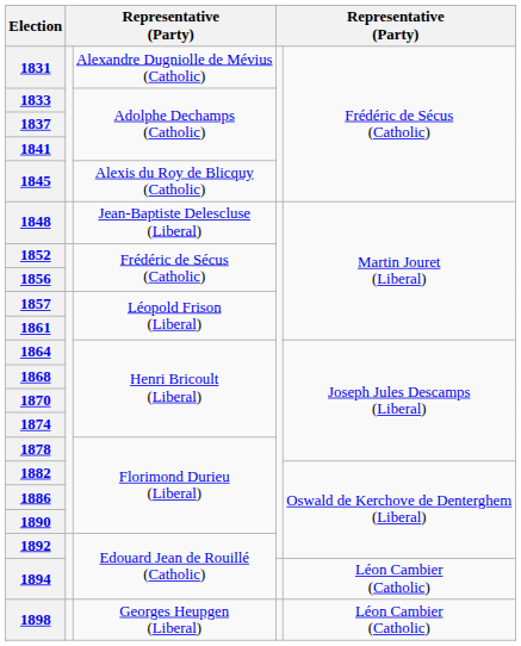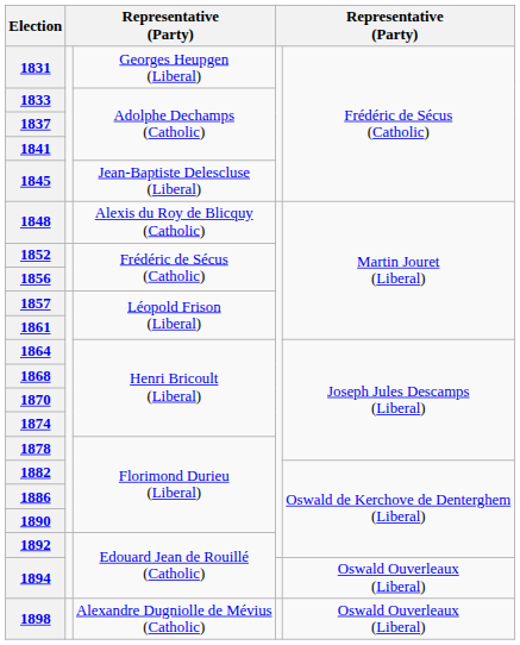 <table class="wikitable" style="text-align:center">
 <tr>
 <th>Election</th>
 <th colspan=2>Representative<br>(Party)</th>
 <th colspan=2>Representative<br>(Party)</th>
 </tr>
 <tr>
 <th><a href='#'>1831</a></th>
 <td rowspan=5; style="background-color: "></td>
-<td rowspan=1><a href='#'>Alexandre Dugniolle de Mévius</a><br>(<a href='#'>Catholic</a>)</td>
+<td rowspan=1><a href='#'>Georges Heupgen</a><br>(<a href='#'>Liberal</a>)</td>
 <td rowspan=5; style="background-color: "></td>
 <td rowspan=5><a href='#'>Frédéric de Sécus</a><br>(<a href='#'>Catholic</a>)</td>
 </tr>
 <tr>
 <th><a href='#'>1833</a></th>
 <td rowspan=3><a href='#'>Adolphe Dechamps</a><br>(<a href='#'>Catholic</a>)</td>
 </tr>
 <tr>
 <th><a href='#'>1837</a></th>
 </tr>
 <tr>
 <th><a href='#'>1841</a></th>
 </tr>
 <tr>
 <th><a href='#'>1845</a></th>
-<td rowspan=1><a href='#'>Alexis du Roy de Blicquy</a><br>(<a href='#'>Catholic</a>)</td>
+<td rowspan=1><a href='#'>Jean-Baptiste Delescluse</a><br>(<a href='#'>Liberal</a>)</td>
 </tr>
 <tr>
 <th><a href='#'>1848</a></th>
 <td rowspan=1; style="background-color: "></td>
-<td rowspan=1><a href='#'>Jean-Baptiste Delescluse</a><br>(<a href='#'>Liberal</a>)</td>
+<td rowspan=1><a href='#'>Alexis du Roy de Blicquy</a><br>(<a href='#'>Catholic</a>)</td>
 <td rowspan=14; style="background-color: "></td>
 <td rowspan=5><a href='#'>Martin Jouret</a><br>(<a href='#'>Liberal</a>)</td>
 </tr>
 <tr>
 <th><a href='#'>1852</a></th>
 <td rowspan=2; style="background-color: "></td>
 <td rowspan=2><a href='#'>Frédéric de Sécus</a><br>(<a href='#'>Catholic</a>)</td>
 </tr>
 <tr>
 <th><a href='#'>1856</a></th>
 </tr>
 <tr>
 <th><a href='#'>1857</a></th>
 <td rowspan=10; style="background-color: "></td>
 <td rowspan=2><a href='#'>Léopold Frison</a><br>(<a href='#'>Liberal</a>)</td>
 </tr>
 <tr>
 <th><a href='#'>1861</a></th>
 </tr>
 <tr>
 <th><a href='#'>1864</a></th>
 <td rowspan=4><a href='#'>Henri Bricoult</a><br>(<a href='#'>Liberal</a>)</td>
 <td rowspan=5><a href='#'>Joseph Jules Descamps</a><br>(<a href='#'>Liberal</a>)</td>
 </tr>
 <tr>
 <th><a href='#'>1868</a></th>
 </tr>
 <tr>
 <th><a href='#'>1870</a></th>
 </tr>
 <tr>
 <th><a href='#'>1874</a></th>
 </tr>
 <tr>
 <th><a href='#'>1878</a></th>
 <td rowspan=4><a href='#'>Florimond Durieu</a><br>(<a href='#'>Liberal</a>)</td>
 </tr>
 <tr>
 <th><a href='#'>1882</a></th>
 <td rowspan=4><a href='#'>Oswald de Kerchove de Denterghem</a><br>(<a href='#'>Liberal</a>)</td>
 </tr>
 <tr>
 <th><a href='#'>1886</a></th>
 </tr>
 <tr>
 <th><a href='#'>1890</a></th>
 </tr>
 <tr>
 <th><a href='#'>1892</a></th>
 <td rowspan=2; style="background-color: "></td>
 <td rowspan=2><a href='#'>Edouard Jean de Rouillé</a><br>(<a href='#'>Catholic</a>)</td>
 </tr>
 <tr>
 <th><a href='#'>1894</a></th>
 <td rowspan=1; style="background-color: "></td>
-<td rowspan=1><a href='#'>Léon Cambier</a><br>(<a href='#'>Catholic</a>)</td>
+<td rowspan=1><a href='#'>Oswald Ouverleaux</a><br>(<a href='#'>Liberal</a>)</td>
 </tr>
 <tr>
 <th><a href='#'>1898</a></th>
 <td rowspan=1; style="background-color: "></td>
-<td rowspan=1><a href='#'>Georges Heupgen</a><br>(<a href='#'>Liberal</a>)</td>
+<td rowspan=1><a href='#'>Alexandre Dugniolle de Mévius</a><br>(<a href='#'>Catholic</a>)</td>
 <td rowspan=1; style="background-color: "></td>
-<td rowspan=1><a href='#'>Léon Cambier</a><br>(<a href='#'>Catholic</a>)</td>
+<td rowspan=1><a href='#'>Oswald Ouverleaux</a><br>(<a href='#'>Liberal</a>)</td>
 </tr>
 </table>
